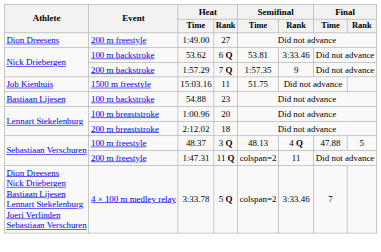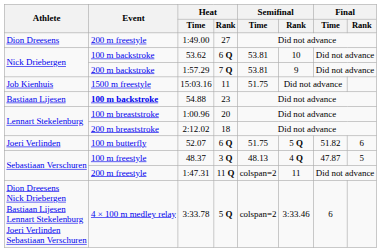 <table class=wikitable style="font-size:90%">
 <tr>
 <th rowspan="2">Athlete</th>
 <th rowspan="2">Event</th>
 <th colspan="2">Heat</th>
 <th colspan="2">Semifinal</th>
 <th colspan="2">Final</th>
 </tr>
 <tr style="font-size:95%">
 <th>Time</th>
 <th>Rank</th>
 <th>Time</th>
 <th>Rank</th>
 <th>Time</th>
 <th>Rank</th>
 </tr>
 <tr align=center>
 <td align=left><a href='#'>Dion Dreesens</a></td>
 <td align=left><a href='#'>200 m freestyle</a></td>
 <td>1:49.00</td>
 <td>27</td>
 <td colspan=4>Did not advance</td>
 </tr>
 <tr align=center>
 <td align=left rowspan=2><a href='#'>Nick Driebergen</a></td>
 <td align=left><a href='#'>100 m backstroke</a></td>
 <td>53.62</td>
 <td>6 <strong>Q</strong></td>
 <td>53.81</td>
-<td>3:33.46</td>
+<td>10</td>
 <td colspan=2>Did not advance</td>
 </tr>
 <tr align=center>
 <td align=left><a href='#'>200 m backstroke</a></td>
 <td>1:57.29</td>
 <td>7 <strong>Q</strong></td>
-<td>1:57.35</td>
+<td>53.81</td>
 <td>9</td>
 <td colspan=2>Did not advance</td>
 </tr>
 <tr align=center>
 <td align=left><a href='#'>Job Kienhuis</a></td>
 <td align=left><a href='#'>1500 m freestyle</a></td>
 <td>15:03.16</td>
 <td>11</td>
 <td>51.75</td>
 <td colspan=2>Did not advance</td>
 </tr>
 <tr align=center>
 <td align=left><a href='#'>Bastiaan Lijesen</a></td>
-<td align=left><a href='#'>100 m backstroke</a></td>
+<td align=left><strong><a href='#'>100 m backstroke</a></strong></td>
 <td>54.88</td>
 <td>23</td>
 <td colspan=4>Did not advance</td>
 </tr>
 <tr align=center>
 <td align=left rowspan=2><a href='#'>Lennart Stekelenburg</a></td>
 <td align=left><a href='#'>100 m breaststroke</a></td>
 <td>1:00.96</td>
 <td>20</td>
 <td colspan=4>Did not advance</td>
 </tr>
 <tr align=center>
 <td align=left><a href='#'>200 m breaststroke</a></td>
 <td>2:12.02</td>
 <td>18</td>
 <td colspan=4>Did not advance</td>
 </tr>
 <tr align=center>
+<td align=left><a href='#'>Joeri Verlinden</a></td>
+<td align=left><a href='#'>100 m butterfly</a></td>
+<td>52.07</td>
+<td>6 <strong>Q</strong></td>
+<td>51.75</td>
+<td>5 <strong>Q</strong></td>
+<td>51.82</td>
+<td>6</td>
+</tr>
+<tr align=center>
 <td align=left rowspan=2><a href='#'>Sebastiaan Verschuren</a></td>
 <td align=left><a href='#'>100 m freestyle</a></td>
 <td>48.37</td>
 <td>3 <strong>Q</strong></td>
 <td>48.13</td>
 <td>4 <strong>Q</strong></td>
-<td>47.88</td>
+<td>47.87</td>
 <td>5</td>
 </tr>
 <tr align=center>
 <td align=left><a href='#'>200 m freestyle</a></td>
 <td>1:47.31</td>
 <td>11 <strong>Q</strong></td>
 <td>colspan=2 </td>
 <td>11</td>
 <td colspan=2>Did not advance</td>
 </tr>
 <tr align=center>
 <td align=left><a href='#'>Dion Dreesens</a><br><a href='#'>Nick Driebergen</a><br><a href='#'>Bastiaan Lijesen</a><br><a href='#'>Lennart Stekelenburg</a><br><a href='#'>Joeri Verlinden</a><br><a href='#'>Sebastiaan Verschuren</a></td>
 <td align=left><a href='#'>4 × 100 m medley relay</a></td>
 <td>3:33.78</td>
 <td>5 <strong>Q</strong></td>
 <td>colspan=2 </td>
 <td>3:33.46</td>
-<td>7</td>
+<td>6</td>
 </tr>
 </table>
